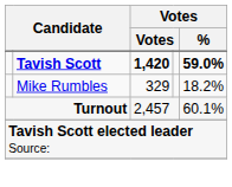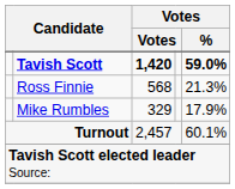 <table class="wikitable" style="font-size: 95%;">
 <tr>
 <th colspan="2" scope="col" rowspan="2" width="125">Candidate</th>
 <th scope="col" colspan="3" width="75">Votes</th>
 </tr>
 <tr style="background-color:#E9E9E9; border-bottom: 2px solid gray;">
 <th scope="col" colspan="2">Votes</th>
 <th>%</th>
 </tr>
 <tr align="right">
 <td style="background-color: "></td>
 <td scope="row" align="left"><strong><a href='#'>Tavish Scott</a></strong> </td>
 <td><strong>1,420</strong></td>
 <td align=center></td>
 <td><strong>59.0%</strong></td>
 </tr>
 <tr align="right">
 <td style="background-color: "></td>
+<td scope="row" align="left"><a href='#'>Ross Finnie</a></td>
+<td>568</td>
+<td align=center></td>
+<td>21.3%</td>
+</tr>
+<tr align="right">
+<td style="background-color: "></td>
 <td scope="row" align="left"><a href='#'>Mike Rumbles</a></td>
 <td>329</td>
 <td align=center></td>
-<td>18.2%</td>
+<td>17.9%</td>
 </tr>
 <tr style="background-color:#F6F6F6">
 <td colspan="2" align="right"><strong>Turnout</strong></td>
 <td colspan="2" align="left">2,457</td>
 <td align="right">60.1%</td>
 </tr>
 <tr>
 </tr>
 <tr style="background-color:#F6F6F6">
 <td colspan="5"><strong>Tavish Scott elected leader</strong><br><small>Source: </small></td>
 </tr>
 <tr>
 </tr>
 </table>
